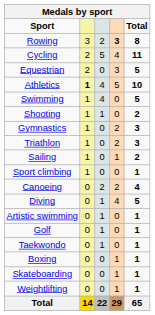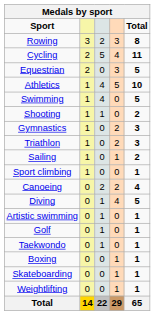 <table class="wikitable" style=font-size:85%;float:center;text-align:center>
 <tr style="background:#efefef;">
 <th colspan=5><strong>Medals by sport</strong></th>
 </tr>
 <tr align=center>
 <td><strong>Sport</strong></td>
 <td bgcolor=#f7f6a8></td>
 <td bgcolor=#dce5e5></td>
 <td bgcolor=#ffdab9></td>
 <td><strong>Total</strong></td>
 </tr>
 <tr align=center>
 <td><a href='#'>Rowing</a></td>
 <td style="background:#F7F6A8;">3</td>
 <td style="background:#DCE5E5;">2</td>
-<td style="background:#FFDAB9;"><strong>3</strong></td>
+<td style="background:#FFDAB9;">3</td>
 <td><strong>8</strong></td>
 </tr>
 <tr align=center>
 <td><a href='#'>Cycling</a></td>
 <td style="background:#F7F6A8;">2</td>
 <td style="background:#DCE5E5;">5</td>
 <td style="background:#FFDAB9;">4</td>
 <td><strong>11</strong></td>
 </tr>
 <tr align=center>
 <td><a href='#'>Equestrian</a></td>
 <td style="background:#F7F6A8;">2</td>
 <td style="background:#DCE5E5;">0</td>
 <td style="background:#FFDAB9;">3</td>
 <td><strong>5</strong></td>
 </tr>
 <tr align=center>
 <td><a href='#'>Athletics</a></td>
-<td style="background:#F7F6A8;"><strong>1</strong></td>
+<td style="background:#F7F6A8;">1</td>
 <td style="background:#DCE5E5;">4</td>
 <td style="background:#FFDAB9;">5</td>
 <td><strong>10</strong></td>
 </tr>
 <tr align=center>
 <td><a href='#'>Swimming</a></td>
 <td style="background:#F7F6A8;">1</td>
 <td style="background:#DCE5E5;">4</td>
 <td style="background:#FFDAB9;">0</td>
 <td><strong>5</strong></td>
 </tr>
 <tr align=center>
 <td><a href='#'>Shooting</a></td>
 <td style="background:#F7F6A8;">1</td>
 <td style="background:#DCE5E5;">1</td>
 <td style="background:#FFDAB9;">0</td>
 <td><strong>2</strong></td>
 </tr>
 <tr align=center>
 <td><a href='#'>Gymnastics</a></td>
 <td style="background:#F7F6A8;">1</td>
 <td style="background:#DCE5E5;">0</td>
 <td style="background:#FFDAB9;">2</td>
 <td><strong>3</strong></td>
 </tr>
 <tr align=center>
 <td><a href='#'>Triathlon</a></td>
 <td style="background:#F7F6A8;">1</td>
 <td style="background:#DCE5E5;">0</td>
 <td style="background:#FFDAB9;">2</td>
 <td><strong>3</strong></td>
 </tr>
 <tr align=center>
 <td><a href='#'>Sailing</a></td>
 <td style="background:#F7F6A8;">1</td>
 <td style="background:#DCE5E5;">0</td>
 <td style="background:#FFDAB9;">1</td>
 <td><strong>2</strong></td>
 </tr>
 <tr align=center>
 <td><a href='#'>Sport climbing</a></td>
 <td style="background:#F7F6A8;">1</td>
 <td style="background:#DCE5E5;">0</td>
 <td style="background:#FFDAB9;">0</td>
 <td><strong>1</strong></td>
 </tr>
 <tr align=center>
 <td><a href='#'>Canoeing</a></td>
 <td style="background:#F7F6A8;">0</td>
 <td style="background:#DCE5E5;">2</td>
 <td style="background:#FFDAB9;">2</td>
 <td><strong>4</strong></td>
 </tr>
 <tr align=center>
 <td><a href='#'>Diving</a></td>
 <td style="background:#F7F6A8;">0</td>
 <td style="background:#DCE5E5;">1</td>
 <td style="background:#FFDAB9;">4</td>
 <td><strong>5</strong></td>
 </tr>
 <tr align=center>
 <td><a href='#'>Artistic swimming</a></td>
 <td style="background:#F7F6A8;">0</td>
 <td style="background:#DCE5E5;">1</td>
 <td style="background:#FFDAB9;">0</td>
 <td><strong>1</strong></td>
 </tr>
 <tr align=center>
 <td><a href='#'>Golf</a></td>
 <td style="background:#F7F6A8;">0</td>
 <td style="background:#DCE5E5;">1</td>
 <td style="background:#FFDAB9;">0</td>
 <td><strong>1</strong></td>
 </tr>
 <tr align=center>
 <td><a href='#'>Taekwondo</a></td>
 <td style="background:#F7F6A8;">0</td>
 <td style="background:#DCE5E5;">1</td>
 <td style="background:#FFDAB9;">0</td>
 <td><strong>1</strong></td>
 </tr>
 <tr align=center>
 <td><a href='#'>Boxing</a></td>
 <td style="background:#F7F6A8;">0</td>
 <td style="background:#DCE5E5;">0</td>
 <td style="background:#FFDAB9;">1</td>
 <td><strong>1</strong></td>
 </tr>
 <tr align=center>
 <td><a href='#'>Skateboarding</a></td>
 <td style="background:#F7F6A8;">0</td>
 <td style="background:#DCE5E5;">0</td>
 <td style="background:#FFDAB9;">1</td>
 <td><strong>1</strong></td>
 </tr>
 <tr align=center>
 <td><a href='#'>Weightlifting</a></td>
 <td style="background:#F7F6A8;">0</td>
 <td style="background:#DCE5E5;">0</td>
 <td style="background:#FFDAB9;">1</td>
 <td><strong>1</strong></td>
 </tr>
 <tr align=center>
 <th><strong>Total</strong></th>
 <th style="background:gold;"><strong>14</strong></th>
 <th style="background:silver;"><strong>22</strong></th>
 <th style="background:#c96;"><strong>29</strong></th>
 <th><strong>65</strong></th>
 </tr>
 </table>
